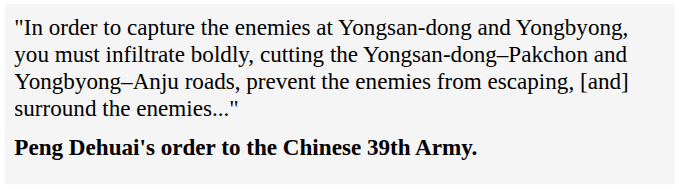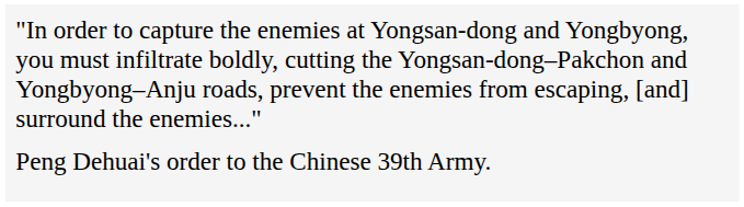 <table class="toccolours" style="float: left; margin-left: 1em; margin-right: 2em; font-size: 85%; background:whitesmoke; color:black; width:29em; max-width: 40%;" cellspacing="5">
 <tr>
 <td style="text-align: left;">"In order to capture the enemies at Yongsan-dong and Yongbyong, you must infiltrate boldly, cutting the Yongsan-dong–Pakchon and Yongbyong–Anju roads, prevent the enemies from escaping, [and] surround the enemies..."</td>
 </tr>
 <tr>
-<td style="text-align: left;"><strong>Peng Dehuai's order to the Chinese 39th Army.</strong></td>
+<td style="text-align: left;">Peng Dehuai's order to the Chinese 39th Army.</td>
 </tr>
 <tr>
 <td style="text-align: left;"></td>
 </tr>
 </table>
